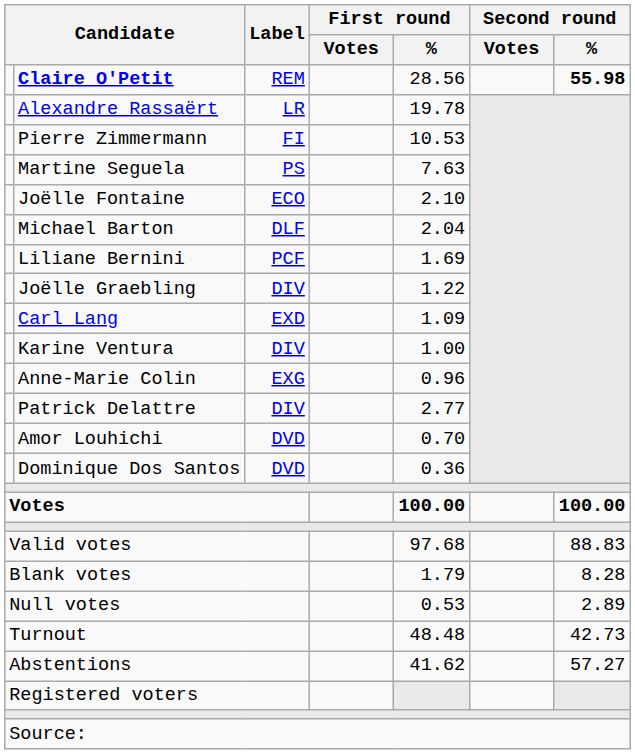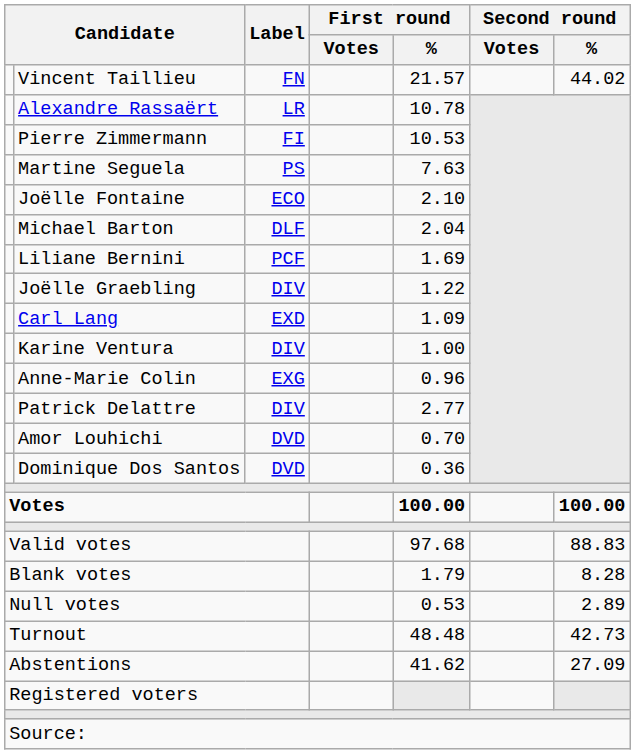 <table class="wikitable" style="text-align:right;font-size:95%;">
 <tr>
 <th rowspan="2" colspan="2">Candidate</th>
 <th rowspan="2">Label</th>
 <th colspan="2">First round</th>
 <th colspan="2">Second round</th>
 </tr>
 <tr>
 <th style="width:50px;">Votes</th>
 <th style="width:45px;">%</th>
 <th style="width:50px;">Votes</th>
 <th style="width:45px;">%</th>
 </tr>
 <tr>
 <td style="color:inherit;background:"></td>
-<td style="text-align:left;"><strong><a href='#'>Claire O'Petit</a></strong></td>
-<td><a href='#'>REM</a></td>
+<td style="text-align:left;">Vincent Taillieu</td>
+<td><a href='#'>FN</a></td>
 <td></td>
-<td>28.56</td>
-<td><strong></strong></td>
-<td><strong>55.98</strong></td>
+<td>21.57</td>
+<td></td>
+<td>44.02</td>
 </tr>
 <tr>
 <td style="color:inherit;background:"></td>
 <td style="text-align:left;"><a href='#'>Alexandre Rassaërt</a></td>
 <td><a href='#'>LR</a></td>
 <td></td>
-<td>19.78</td>
+<td>10.78</td>
 <td colspan="2" rowspan="13" style="background:#E9E9E9;"></td>
 </tr>
 <tr>
 <td style="color:inherit;background:"></td>
 <td style="text-align:left;">Pierre Zimmermann</td>
 <td><a href='#'>FI</a></td>
 <td></td>
 <td>10.53</td>
 </tr>
 <tr>
 <td style="color:inherit;background:"></td>
 <td style="text-align:left;">Martine Seguela</td>
 <td><a href='#'>PS</a></td>
 <td></td>
 <td>7.63</td>
 </tr>
 <tr>
 <td style="color:inherit;background:"></td>
 <td style="text-align:left;">Joëlle Fontaine</td>
 <td><a href='#'>ECO</a></td>
 <td></td>
 <td>2.10</td>
 </tr>
 <tr>
 <td style="color:inherit;background:"></td>
 <td style="text-align:left;">Michael Barton</td>
 <td><a href='#'>DLF</a></td>
 <td></td>
 <td>2.04</td>
 </tr>
 <tr>
 <td style="color:inherit;background:"></td>
 <td style="text-align:left;">Liliane Bernini</td>
 <td><a href='#'>PCF</a></td>
 <td></td>
 <td>1.69</td>
 </tr>
 <tr>
 <td style="color:inherit;background:"></td>
 <td style="text-align:left;">Joëlle Graebling</td>
 <td><a href='#'>DIV</a></td>
 <td></td>
 <td>1.22</td>
 </tr>
 <tr>
 <td style="color:inherit;background:"></td>
 <td style="text-align:left;"><a href='#'>Carl Lang</a></td>
 <td><a href='#'>EXD</a></td>
 <td></td>
 <td>1.09</td>
 </tr>
 <tr>
 <td style="color:inherit;background:"></td>
 <td style="text-align:left;">Karine Ventura</td>
 <td><a href='#'>DIV</a></td>
 <td></td>
 <td>1.00</td>
 </tr>
 <tr>
 <td style="color:inherit;background:"></td>
 <td style="text-align:left;">Anne-Marie Colin</td>
 <td><a href='#'>EXG</a></td>
 <td></td>
 <td>0.96</td>
 </tr>
 <tr>
 <td style="color:inherit;background:"></td>
 <td style="text-align:left;">Patrick Delattre</td>
 <td><a href='#'>DIV</a></td>
 <td></td>
 <td>2.77</td>
 </tr>
 <tr>
 <td style="color:inherit;background:"></td>
 <td style="text-align:left;">Amor Louhichi</td>
 <td><a href='#'>DVD</a></td>
 <td></td>
 <td>0.70</td>
 </tr>
 <tr>
 <td style="color:inherit;background:"></td>
 <td style="text-align:left;">Dominique Dos Santos</td>
 <td><a href='#'>DVD</a></td>
 <td></td>
 <td>0.36</td>
 </tr>
 <tr>
 <td colspan="7" style="background:#E9E9E9;"></td>
 </tr>
 <tr style="font-weight:bold;">
 <td colspan="3" style="text-align:left;">Votes</td>
 <td></td>
 <td>100.00</td>
 <td></td>
 <td>100.00</td>
 </tr>
 <tr>
 <td colspan="7" style="background:#E9E9E9;"></td>
 </tr>
 <tr>
 <td colspan="3" style="text-align:left;">Valid votes</td>
 <td></td>
 <td>97.68</td>
 <td></td>
 <td>88.83</td>
 </tr>
 <tr>
 <td colspan="3" style="text-align:left;">Blank votes</td>
 <td></td>
 <td>1.79</td>
 <td></td>
 <td>8.28</td>
 </tr>
 <tr>
 <td colspan="3" style="text-align:left;">Null votes</td>
 <td></td>
 <td>0.53</td>
 <td></td>
 <td>2.89</td>
 </tr>
 <tr>
 <td colspan="3" style="text-align:left;">Turnout</td>
 <td></td>
 <td>48.48</td>
 <td></td>
 <td>42.73</td>
 </tr>
 <tr>
 <td colspan="3" style="text-align:left;">Abstentions</td>
 <td></td>
 <td>41.62</td>
 <td></td>
-<td>57.27</td>
+<td>27.09</td>
 </tr>
 <tr>
 <td colspan="3" style="text-align:left;">Registered voters</td>
 <td></td>
 <td style="background:#E9E9E9;"></td>
 <td></td>
 <td style="background:#E9E9E9;"></td>
 </tr>
 <tr>
 <td colspan="7" style="background:#E9E9E9;"></td>
 </tr>
 <tr>
 <td colspan="7" style="text-align:left;">Source: </td>
 </tr>
 </table>
